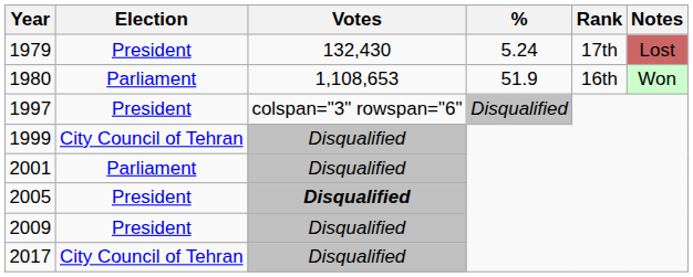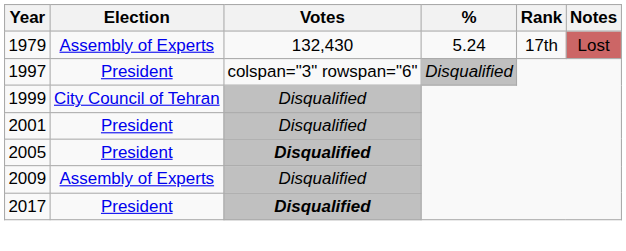 <table class="wikitable" style="text-align:center;">
 <tr>
 <th>Year</th>
 <th>Election</th>
 <th>Votes</th>
 <th>%</th>
 <th>Rank</th>
 <th>Notes</th>
 </tr>
 <tr>
 <td>1979</td>
-<td><a href='#'>President</a></td>
+<td><a href='#'>Assembly of Experts</a></td>
 <td>132,430</td>
 <td>5.24</td>
 <td>17th</td>
 <td style="background-color:#C66">Lost</td>
-</tr>
-<tr>
-<td>1980</td>
-<td><a href='#'>Parliament</a></td>
-<td>1,108,653</td>
-<td>51.9</td>
-<td>16th</td>
-<td style="background-color:#CCFFCC">Won</td>
 </tr>
 <tr>
 <td>1997</td>
 <td><a href='#'>President</a></td>
 <td>colspan="3" rowspan="6" </td>
 <td style="background-color:#C0C0C0"><em>Disqualified</em></td>
 </tr>
 <tr>
 <td>1999</td>
 <td><a href='#'>City Council of Tehran</a></td>
 <td style="background-color:#C0C0C0"><em>Disqualified</em></td>
 </tr>
 <tr>
 <td>2001</td>
-<td><a href='#'>Parliament</a></td>
+<td><a href='#'>President</a></td>
 <td style="background-color:#C0C0C0"><em>Disqualified</em></td>
 </tr>
 <tr>
 <td>2005</td>
 <td><a href='#'>President</a></td>
 <td style="background-color:#C0C0C0"><strong><em>Disqualified</em></strong></td>
 </tr>
 <tr>
 <td>2009</td>
-<td><a href='#'>President</a></td>
+<td><a href='#'>Assembly of Experts</a></td>
 <td style="background-color:#C0C0C0"><em>Disqualified</em></td>
 </tr>
 <tr>
 <td>2017</td>
-<td><a href='#'>City Council of Tehran</a></td>
-<td style="background-color:#C0C0C0"><em>Disqualified</em></td>
+<td><a href='#'>President</a></td>
+<td style="background-color:#C0C0C0"><strong><em>Disqualified</em></strong></td>
 </tr>
 </table>
